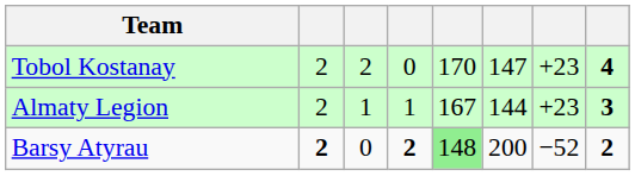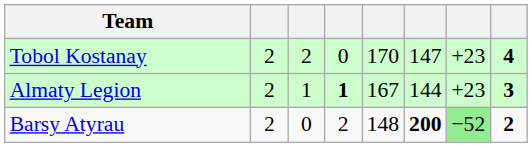 <table class="wikitable" style="text-align:center;">
 <tr>
 <th width=175>Team</th>
 <th width=20></th>
 <th width=20></th>
 <th width=20></th>
 <th width=20></th>
 <th width=20></th>
 <th width=20></th>
 <th width=20></th>
 </tr>
 <tr bgcolor=ccffcc>
 <td align="left"><a href='#'>Tobol Kostanay</a></td>
 <td>2</td>
 <td>2</td>
 <td>0</td>
 <td>170</td>
 <td>147</td>
 <td>+23</td>
 <td><strong>4</strong></td>
 </tr>
 <tr bgcolor=ccffcc>
 <td align="left"><a href='#'>Almaty Legion</a></td>
 <td>2</td>
 <td>1</td>
-<td>1</td>
+<td><strong>1</strong></td>
 <td>167</td>
 <td>144</td>
 <td>+23</td>
 <td><strong>3</strong></td>
 </tr>
 <tr>
 <td align="left"><a href='#'>Barsy Atyrau</a></td>
-<td><strong>2</strong></td>
+<td>2</td>
 <td>0</td>
-<td><strong>2</strong></td>
-<td style="background: lightgreen;">148</td>
-<td>200</td>
-<td>−52</td>
+<td>2</td>
+<td>148</td>
+<td><strong>200</strong></td>
+<td style="background: lightgreen;">−52</td>
 <td><strong>2</strong></td>
 </tr>
 </table>
